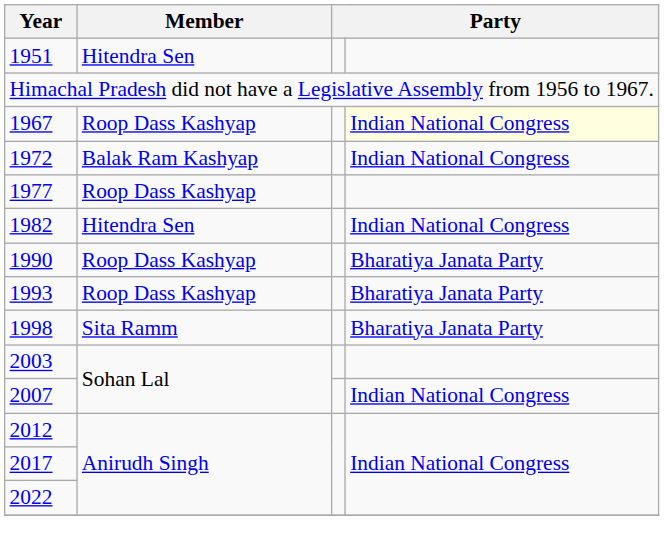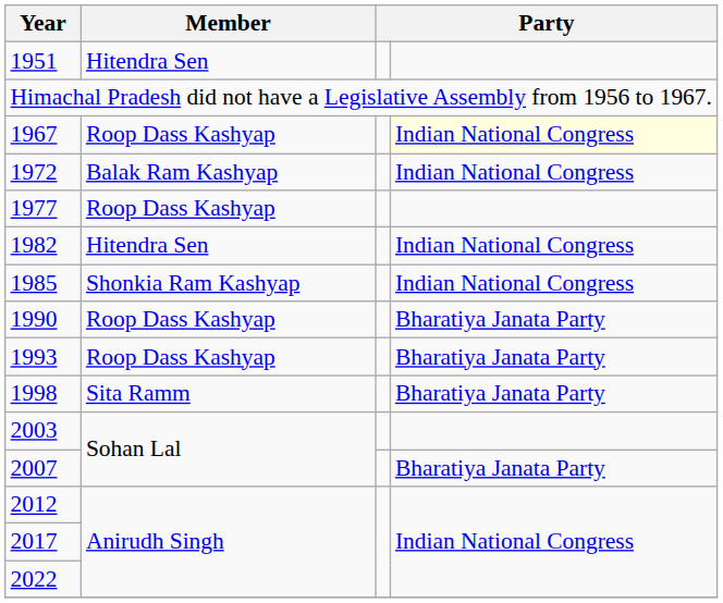 <table class="wikitable sortable">
 <tr>
 <th>Year</th>
 <th>Member</th>
 <th colspan="2">Party</th>
 </tr>
 <tr>
 <td><a href='#'>1951</a></td>
 <td><a href='#'>Hitendra Sen</a></td>
 <td></td>
 </tr>
 <tr>
 <td colspan=4><a href='#'>Himachal Pradesh</a> did not have a <a href='#'>Legislative Assembly</a> from 1956 to 1967.</td>
 </tr>
 <tr>
 <td><a href='#'>1967</a></td>
 <td><a href='#'>Roop Dass Kashyap</a></td>
 <td style="background-color: "></td>
 <td style="background: lightyellow;"><a href='#'>Indian National Congress</a></td>
 </tr>
 <tr>
 <td><a href='#'>1972</a></td>
 <td><a href='#'>Balak Ram Kashyap</a></td>
 <td style="background-color: "></td>
 <td><a href='#'>Indian National Congress</a></td>
 </tr>
 <tr>
 <td><a href='#'>1977</a></td>
 <td><a href='#'>Roop Dass Kashyap</a></td>
 <td></td>
 </tr>
 <tr>
 <td><a href='#'>1982</a></td>
 <td><a href='#'>Hitendra Sen</a></td>
 <td style="background-color: "></td>
 <td><a href='#'>Indian National Congress</a></td>
 </tr>
 <tr>
+<td><a href='#'>1985</a></td>
+<td><a href='#'>Shonkia Ram Kashyap</a></td>
+<td style="background-color: "></td>
+<td><a href='#'>Indian National Congress</a></td>
+</tr>
+<tr>
 <td><a href='#'>1990</a></td>
 <td><a href='#'>Roop Dass Kashyap</a></td>
 <td style="background-color: "></td>
 <td><a href='#'>Bharatiya Janata Party</a></td>
 </tr>
 <tr>
 <td><a href='#'>1993</a></td>
 <td><a href='#'>Roop Dass Kashyap</a></td>
 <td style="background-color: "></td>
 <td><a href='#'>Bharatiya Janata Party</a></td>
 </tr>
 <tr>
 <td><a href='#'>1998</a></td>
 <td><a href='#'>Sita Ramm</a></td>
 <td style="background-color: "></td>
 <td><a href='#'>Bharatiya Janata Party</a></td>
 </tr>
 <tr>
 <td><a href='#'>2003</a></td>
 <td rowspan="2">Sohan Lal</td>
 <td></td>
 </tr>
 <tr>
 <td><a href='#'>2007</a></td>
 <td style="background-color: "></td>
-<td><a href='#'>Indian National Congress</a></td>
+<td><a href='#'>Bharatiya Janata Party</a></td>
 </tr>
 <tr>
 <td><a href='#'>2012</a></td>
 <td rowspan="3"><a href='#'>Anirudh Singh</a></td>
 <td rowspan="3" style="background-color: "></td>
 <td rowspan="3"><a href='#'>Indian National Congress</a></td>
 </tr>
 <tr>
 <td><a href='#'>2017</a></td>
 </tr>
 <tr>
 <td><a href='#'>2022</a></td>
 </tr>
 <tr>
 </tr>
 </table>
